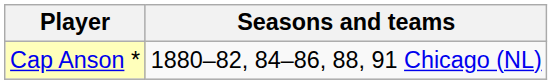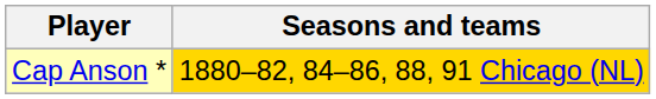 <table class="wikitable">
 <tr>
 <th>Player</th>
 <th>Seasons and teams</th>
 </tr>
 <tr>
 <td style="background-color:#ffffbb"><a href='#'>Cap Anson</a> *</td>
-<td>1880–82, 84–86, 88, 91 <a href='#'>Chicago (NL)</a></td>
+<td style="background: gold;">1880–82, 84–86, 88, 91 <a href='#'>Chicago (NL)</a></td>
 </tr>
 </table>
